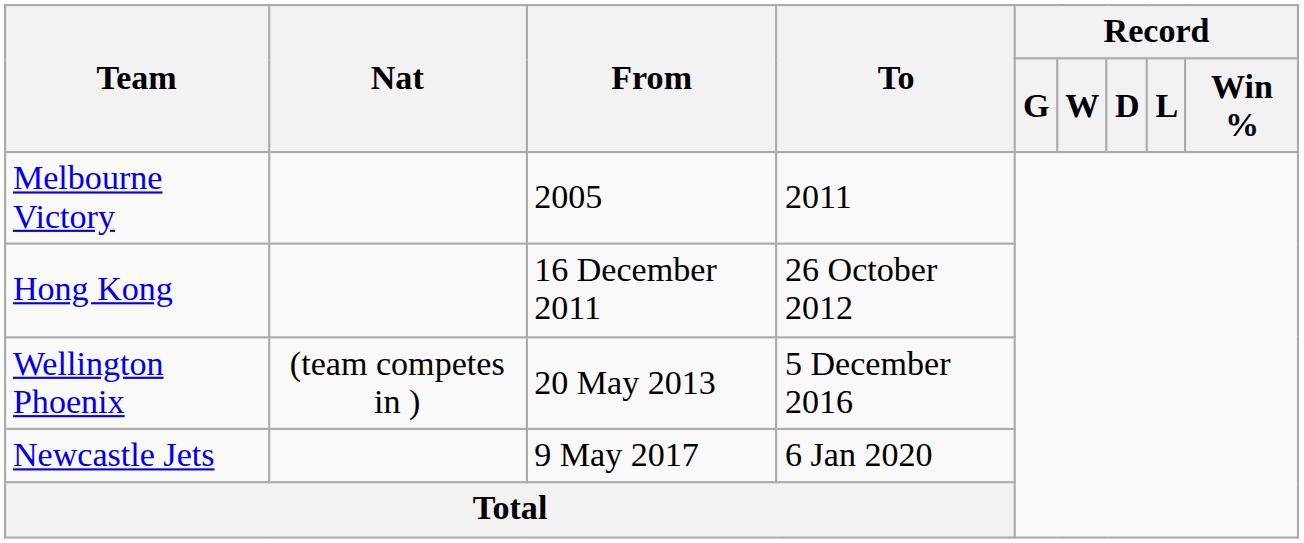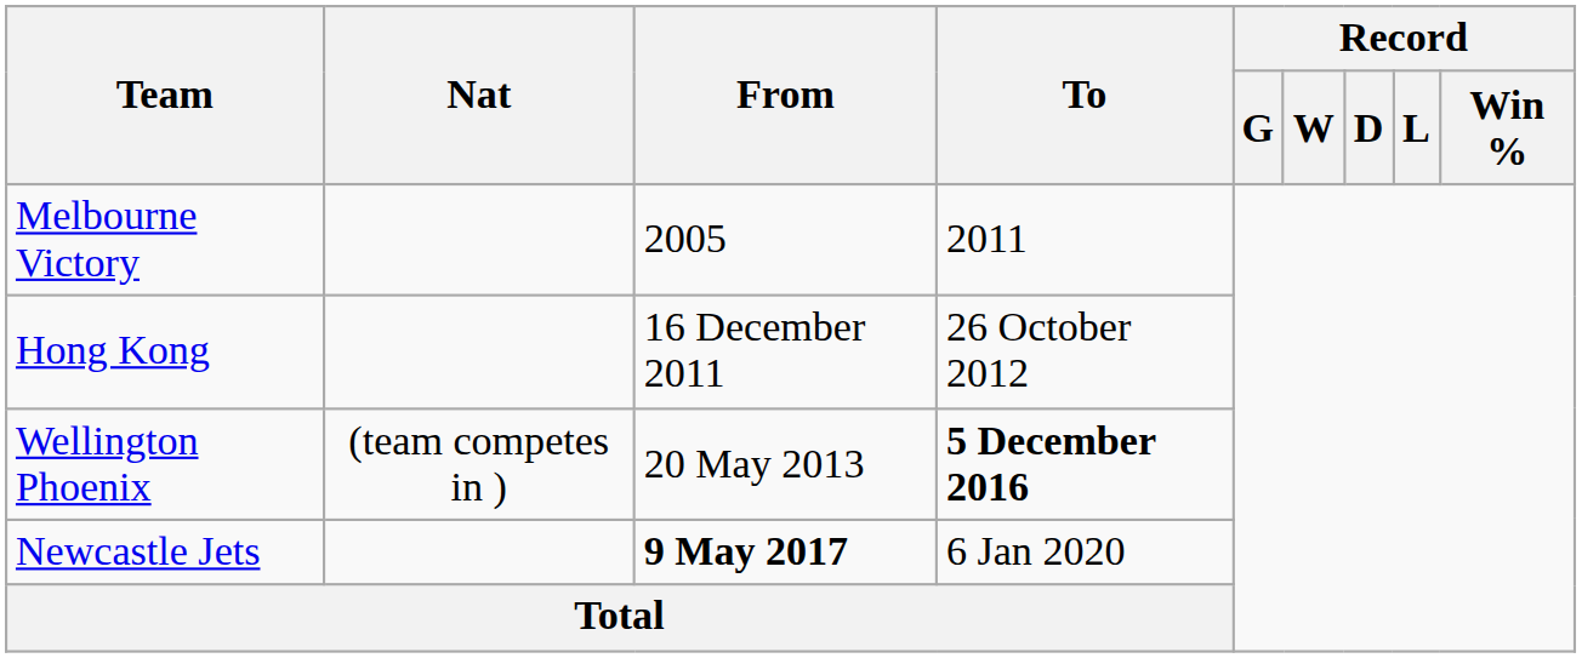 <table class="wikitable" style="text-align: center">
 <tr>
 <th rowspan="2">Team</th>
 <th rowspan="2">Nat</th>
 <th rowspan="2">From</th>
 <th rowspan="2">To</th>
 <th colspan="5">Record</th>
 </tr>
 <tr>
 <th>G</th>
 <th>W</th>
 <th>D</th>
 <th>L</th>
 <th>Win %</th>
 </tr>
 <tr>
 <td align=left><a href='#'>Melbourne Victory</a></td>
 <td></td>
 <td align=left>2005</td>
 <td align=left>2011<br></td>
 </tr>
 <tr>
 <td align=left><a href='#'>Hong Kong</a></td>
 <td></td>
 <td align=left>16 December 2011</td>
 <td align=left>26 October 2012<br></td>
 </tr>
 <tr>
 <td align=left><a href='#'>Wellington Phoenix</a></td>
 <td> (team competes in  )</td>
 <td align=left>20 May 2013</td>
-<td align=left>5 December 2016<br></td>
+<td align=left><strong>5 December 2016<br></strong></td>
 </tr>
 <tr>
 <td align=left><a href='#'>Newcastle Jets</a></td>
 <td></td>
-<td align=left>9 May 2017</td>
+<td align=left><strong>9 May 2017</strong></td>
 <td align=left>6 Jan 2020<br></td>
 </tr>
 <tr>
 <th colspan="4">Total<br></th>
 </tr>
 </table>
